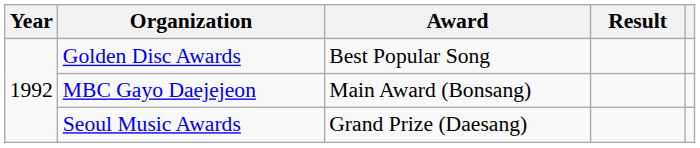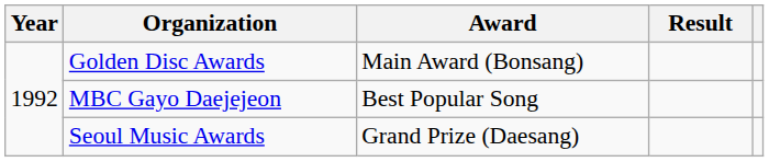 <table class="wikitable plainrowheaders">
 <tr>
 <th scope="col">Year</th>
 <th scope="col" width="190">Organization</th>
 <th scope="col" width="190">Award</th>
 <th scope="col" width="62">Result</th>
 <th class="unsortable"></th>
 </tr>
 <tr>
 <td rowspan="3">1992</td>
 <td><a href='#'>Golden Disc Awards</a></td>
-<td>Best Popular Song</td>
+<td>Main Award (Bonsang)</td>
 <td></td>
 <td align="center"></td>
 </tr>
 <tr>
 <td><a href='#'>MBC Gayo Daejejeon</a></td>
-<td>Main Award (Bonsang)</td>
+<td>Best Popular Song</td>
 <td></td>
 <td align="center"></td>
 </tr>
 <tr>
 <td><a href='#'>Seoul Music Awards</a></td>
 <td>Grand Prize (Daesang)</td>
 <td></td>
 <td align="center"></td>
 </tr>
 </table>
